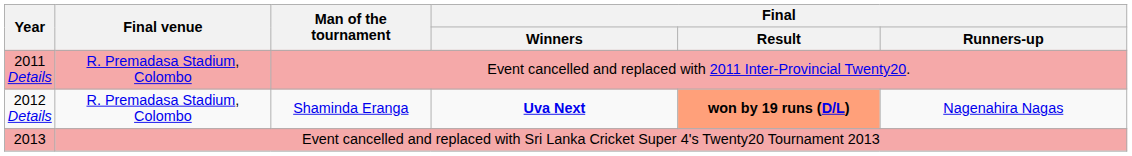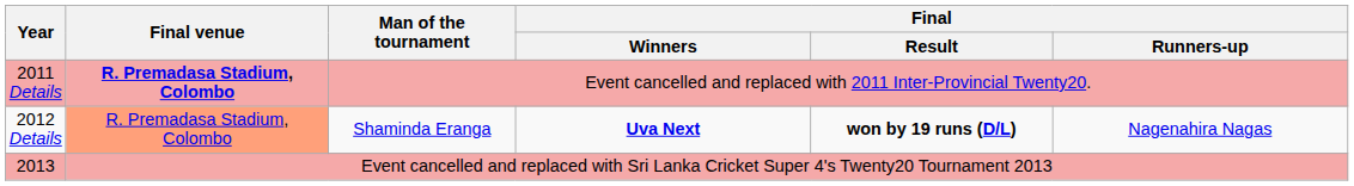 <table class="wikitable" style="text-align: center;">
 <tr>
 <th rowspan=2>Year</th>
 <th rowspan=2>Final venue</th>
 <th rowspan=2>Man of the tournament</th>
 <th colspan=3>Final</th>
 </tr>
 <tr>
 <th width=22%>Winners</th>
 <th width=18%>Result</th>
 <th width=22%>Runners-up</th>
 </tr>
 <tr style="background:#F5A9A9">
 <td>2011<br><em><a href='#'>Details</a></em></td>
-<td><a href='#'>R. Premadasa Stadium</a>, <a href='#'>Colombo</a></td>
+<td><strong><a href='#'>R. Premadasa Stadium</a>, <a href='#'>Colombo</a></strong></td>
 <td colspan=4>Event cancelled and replaced with <a href='#'>2011 Inter-Provincial Twenty20</a>.</td>
 </tr>
 <tr>
 <td>2012<br><em><a href='#'>Details</a></em></td>
-<td><a href='#'>R. Premadasa Stadium</a>, <a href='#'>Colombo</a></td>
+<td style="background: lightsalmon;"><a href='#'>R. Premadasa Stadium</a>, <a href='#'>Colombo</a></td>
 <td><a href='#'>Shaminda Eranga</a></td>
 <td><strong><a href='#'>Uva Next</a><br></strong></td>
-<td style="background: lightsalmon;"><strong>won by 19 runs (<a href='#'>D/L</a>)</strong><br></td>
+<td><strong>won by 19 runs (<a href='#'>D/L</a>)</strong><br></td>
 <td><a href='#'>Nagenahira Nagas</a><br></td>
 </tr>
 <tr style="background:#F5A9A9">
 <td>2013</td>
 <td colspan=5>Event cancelled and replaced with Sri Lanka Cricket Super 4's Twenty20 Tournament 2013</td>
 </tr>
 </table>
